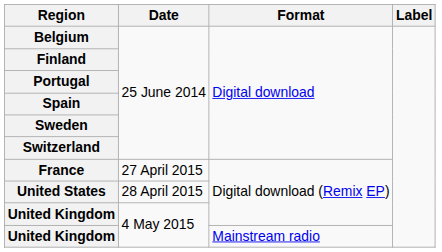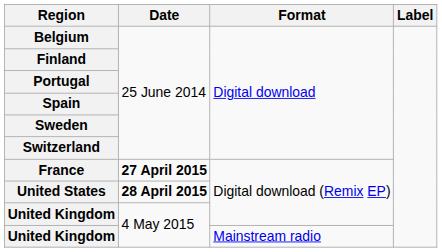 <table class="wikitable plainrowheaders">
 <tr>
 <th>Region</th>
 <th>Date</th>
 <th>Format</th>
 <th>Label</th>
 </tr>
 <tr>
 <th scope="row">Belgium</th>
 <td rowspan = "6">25 June 2014</td>
 <td rowspan="6"><a href='#'>Digital download</a></td>
 <td rowspan="10"></td>
 </tr>
 <tr>
 <th scope="row">Finland</th>
 </tr>
 <tr>
 <th scope="row">Portugal</th>
 </tr>
 <tr>
 <th scope="row">Spain</th>
 </tr>
 <tr>
 <th scope="row">Sweden</th>
 </tr>
 <tr>
 <th scope="row">Switzerland</th>
 </tr>
 <tr>
 <th scope="row">France</th>
-<td>27 April 2015</td>
+<td><strong>27 April 2015</strong></td>
 <td rowspan="3">Digital download (<a href='#'>Remix</a> <a href='#'>EP</a>)</td>
 </tr>
 <tr>
 <th scope="row">United States</th>
-<td>28 April  2015</td>
+<td><strong>28 April  2015</strong></td>
 </tr>
 <tr>
 <th scope="row">United Kingdom</th>
 <td rowspan="2">4 May 2015</td>
 </tr>
 <tr>
 <th scope="row">United Kingdom</th>
 <td><a href='#'>Mainstream radio</a></td>
 </tr>
 </table>
